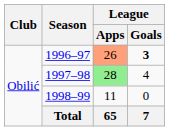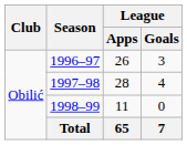 <table class="wikitable" style="text-align:center">
 <tr>
 <th rowspan="2">Club</th>
 <th rowspan="2">Season</th>
 <th colspan="2">League</th>
 </tr>
 <tr>
 <th>Apps</th>
 <th>Goals</th>
 </tr>
 <tr>
 <td rowspan="4"><a href='#'>Obilić</a></td>
 <td><a href='#'>1996–97</a></td>
-<td style="background: lightsalmon;">26</td>
-<td><strong>3</strong></td>
+<td>26</td>
+<td>3</td>
 </tr>
 <tr>
 <td><a href='#'>1997–98</a></td>
-<td style="background: lightgreen;">28</td>
+<td>28</td>
 <td>4</td>
 </tr>
 <tr>
 <td><a href='#'>1998–99</a></td>
 <td>11</td>
 <td>0</td>
 </tr>
 <tr>
 <th>Total</th>
 <th>65</th>
 <th>7</th>
 </tr>
 </table>
